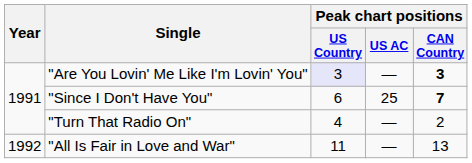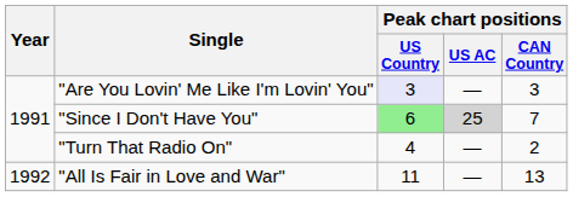 <table class="wikitable" style="text-align:center;">
 <tr>
 <th rowspan="2">Year</th>
 <th rowspan="2">Single</th>
 <th colspan="3">Peak chart positions</th>
 </tr>
 <tr style="font-size:smaller;">
 <th width="45"><a href='#'>US Country</a></th>
 <th width="45"><a href='#'>US AC</a></th>
 <th width="45"><a href='#'>CAN Country</a></th>
 </tr>
 <tr>
 <td rowspan="3">1991</td>
 <td align="left">"Are You Lovin' Me Like I'm Lovin' You"</td>
 <td style="background: lavender;">3</td>
 <td>—</td>
-<td><strong>3</strong></td>
+<td>3</td>
 </tr>
 <tr>
 <td align="left">"Since I Don't Have You"</td>
-<td>6</td>
-<td>25</td>
-<td><strong>7</strong></td>
+<td style="background: lightgreen;">6</td>
+<td style="background: lightgrey;">25</td>
+<td>7</td>
 </tr>
 <tr>
 <td align="left">"Turn That Radio On"</td>
 <td>4</td>
 <td>—</td>
 <td>2</td>
 </tr>
 <tr>
 <td>1992</td>
 <td align="left">"All Is Fair in Love and War"</td>
 <td>11</td>
 <td>—</td>
 <td>13</td>
 </tr>
 </table>
